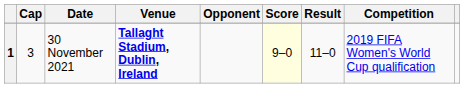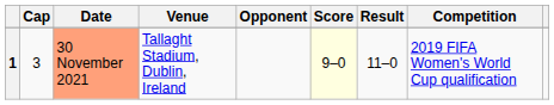 <table class="wikitable sortable">
 <tr>
 <th scope="col"></th>
 <th scope="col" style="text-align:center;">Cap</th>
 <th scope="col">Date</th>
 <th scope="col">Venue</th>
 <th scope="col">Opponent</th>
 <th scope="col">Score</th>
 <th scope="col">Result</th>
 <th scope="col">Competition</th>
 <th scope="col" class="unsortable"></th>
 </tr>
 <tr>
 </tr>
 <tr>
 <th scope="row">1</th>
 <td align=center>3</td>
-<td>30 November 2021</td>
-<td><strong><a href='#'>Tallaght Stadium</a>, <a href='#'>Dublin</a>, <a href='#'>Ireland</a></strong></td>
+<td style="background: lightsalmon;">30 November 2021</td>
+<td><a href='#'>Tallaght Stadium</a>, <a href='#'>Dublin</a>, <a href='#'>Ireland</a></td>
 <td></td>
 <td align=center style="background: lightyellow;">9–0</td>
 <td align=center>11–0</td>
 <td><a href='#'>2019 FIFA Women's World Cup qualification</a></td>
 <td></td>
 </tr>
 </table>
